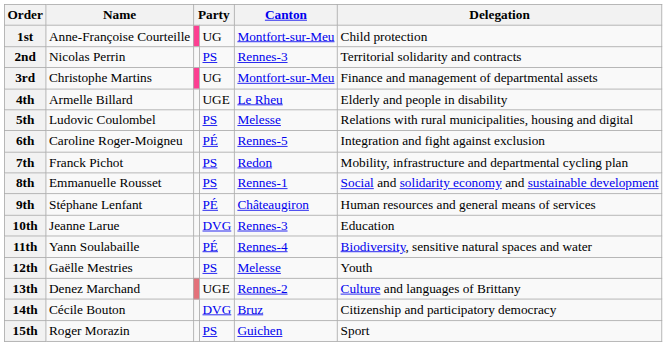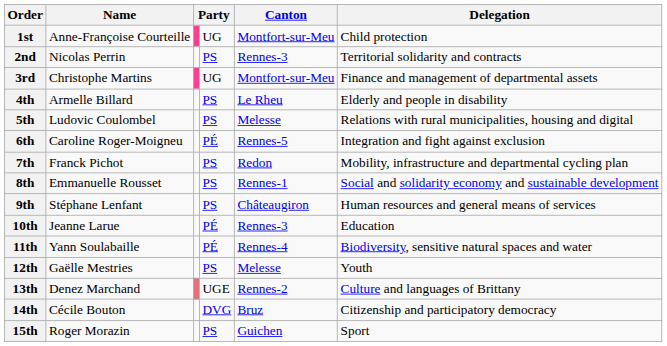 <table class="wikitable sortable">
 <tr>
 <th>Order</th>
 <th>Name</th>
 <th colspan="2">Party</th>
 <th><a href='#'>Canton</a></th>
 <th>Delegation</th>
 </tr>
 <tr>
 <th>1st</th>
 <td>Anne-Françoise Courteille</td>
 <td style="color:inherit;background:#FD3F92"></td>
 <td>UG</td>
 <td><a href='#'>Montfort-sur-Meu</a></td>
 <td>Child protection</td>
 </tr>
 <tr>
 <th>2nd</th>
 <td>Nicolas Perrin</td>
 <td style="color:inherit;background:"></td>
 <td><a href='#'>PS</a></td>
 <td><a href='#'>Rennes-3</a></td>
 <td>Territorial solidarity and contracts</td>
 </tr>
 <tr>
 <th>3rd</th>
 <td>Christophe Martins</td>
 <td style="color:inherit;background:#FD3F92"></td>
 <td>UG</td>
 <td><a href='#'>Montfort-sur-Meu</a></td>
 <td>Finance and management of departmental assets</td>
 </tr>
 <tr>
 <th>4th</th>
 <td>Armelle Billard</td>
 <td style="color:inherit;background:"></td>
-<td>UGE</td>
+<td><a href='#'>PS</a></td>
 <td><a href='#'>Le Rheu</a></td>
 <td>Elderly and people in disability</td>
 </tr>
 <tr>
 <th>5th</th>
 <td>Ludovic Coulombel</td>
 <td style="color:inherit;background:"></td>
 <td><a href='#'>PS</a></td>
 <td><a href='#'>Melesse</a></td>
 <td>Relations with rural municipalities, housing and digital</td>
 </tr>
 <tr>
 <th>6th</th>
 <td>Caroline Roger-Moigneu</td>
 <td style="color:inherit;background:"></td>
 <td><a href='#'>PÉ</a></td>
 <td><a href='#'>Rennes-5</a></td>
 <td>Integration and fight against exclusion</td>
 </tr>
 <tr>
 <th>7th</th>
 <td>Franck Pichot</td>
 <td style="color:inherit;background:"></td>
 <td><a href='#'>PS</a></td>
 <td><a href='#'>Redon</a></td>
 <td>Mobility, infrastructure and departmental cycling plan</td>
 </tr>
 <tr>
 <th>8th</th>
 <td>Emmanuelle Rousset</td>
 <td style="color:inherit;background:"></td>
 <td><a href='#'>PS</a></td>
 <td><a href='#'>Rennes-1</a></td>
 <td><a href='#'>Social</a> and <a href='#'>solidarity economy</a> and <a href='#'>sustainable development</a></td>
 </tr>
 <tr>
 <th>9th</th>
 <td>Stéphane Lenfant</td>
 <td style="color:inherit;background:"></td>
-<td><a href='#'>PÉ</a></td>
+<td><a href='#'>PS</a></td>
 <td><a href='#'>Châteaugiron</a></td>
 <td>Human resources and general means of services</td>
 </tr>
 <tr>
 <th>10th</th>
 <td>Jeanne Larue</td>
 <td style="color:inherit;background:"></td>
-<td><a href='#'>DVG</a></td>
+<td><a href='#'>PÉ</a></td>
 <td><a href='#'>Rennes-3</a></td>
 <td>Education</td>
 </tr>
 <tr>
 <th>11th</th>
 <td>Yann Soulabaille</td>
 <td style="color:inherit;background:"></td>
 <td><a href='#'>PÉ</a></td>
 <td><a href='#'>Rennes-4</a></td>
 <td><a href='#'>Biodiversity</a>, sensitive natural spaces and water</td>
 </tr>
 <tr>
 <th>12th</th>
 <td>Gaëlle Mestries</td>
 <td style="color:inherit;background:"></td>
 <td><a href='#'>PS</a></td>
 <td><a href='#'>Melesse</a></td>
 <td>Youth</td>
 </tr>
 <tr>
 <th>13th</th>
 <td>Denez Marchand</td>
 <td style="color:inherit;background:#E4717A"></td>
 <td>UGE</td>
 <td><a href='#'>Rennes-2</a></td>
 <td><a href='#'>Culture</a> and languages of Brittany</td>
 </tr>
 <tr>
 <th>14th</th>
 <td>Cécile Bouton</td>
 <td style="color:inherit;background:"></td>
 <td><a href='#'>DVG</a></td>
 <td><a href='#'>Bruz</a></td>
 <td>Citizenship and participatory democracy</td>
 </tr>
 <tr>
 <th>15th</th>
 <td>Roger Morazin</td>
 <td style="color:inherit;background:"></td>
 <td><a href='#'>PS</a></td>
 <td><a href='#'>Guichen</a></td>
 <td>Sport</td>
 </tr>
 </table>
